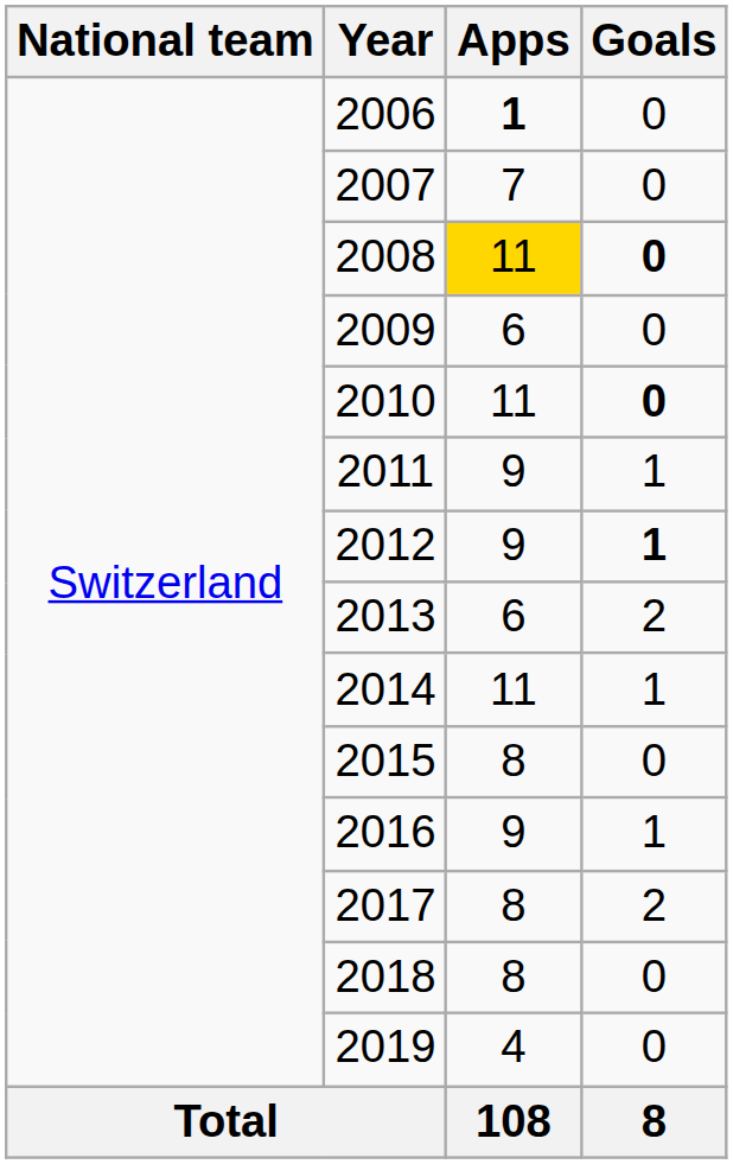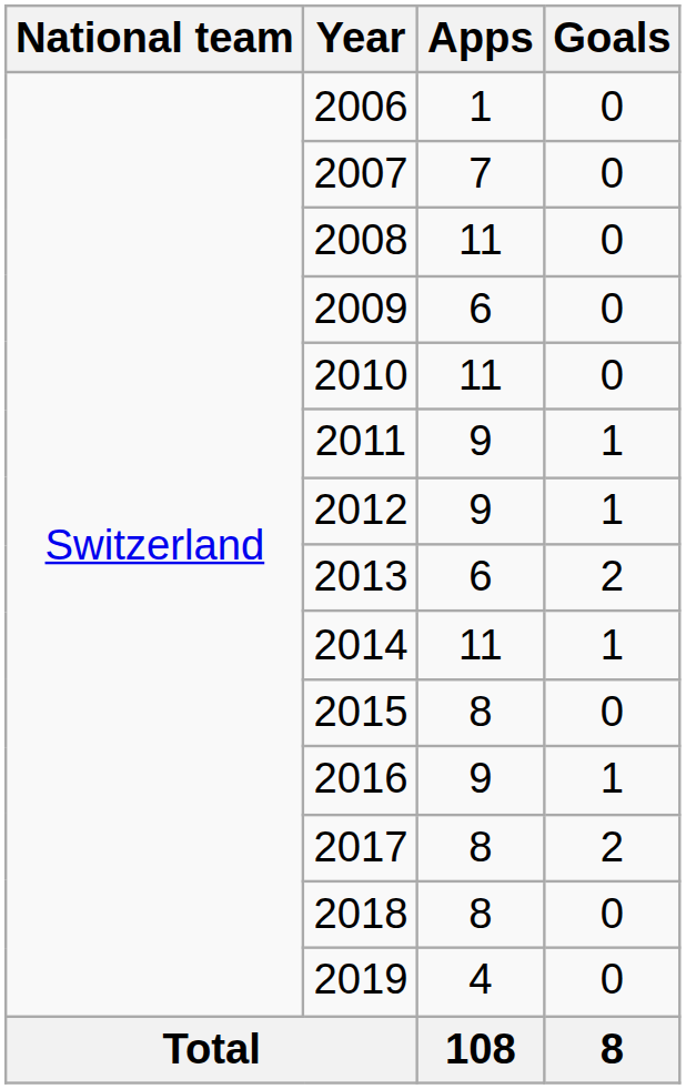 <table class=wikitable style="text-align: center;">
 <tr>
 <th>National team</th>
 <th>Year</th>
 <th>Apps</th>
 <th>Goals</th>
 </tr>
 <tr>
 <td rowspan="14"><a href='#'>Switzerland</a></td>
 <td>2006</td>
-<td><strong>1</strong></td>
+<td>1</td>
 <td>0</td>
 </tr>
 <tr>
 <td>2007</td>
 <td>7</td>
 <td>0</td>
 </tr>
 <tr>
 <td>2008</td>
-<td style="background: gold;">11</td>
-<td><strong>0</strong></td>
+<td>11</td>
+<td>0</td>
 </tr>
 <tr>
 <td>2009</td>
 <td>6</td>
 <td>0</td>
 </tr>
 <tr>
 <td>2010</td>
 <td>11</td>
-<td><strong>0</strong></td>
+<td>0</td>
 </tr>
 <tr>
 <td>2011</td>
 <td>9</td>
 <td>1</td>
 </tr>
 <tr>
 <td>2012</td>
 <td>9</td>
-<td><strong>1</strong></td>
+<td>1</td>
 </tr>
 <tr>
 <td>2013</td>
 <td>6</td>
 <td>2</td>
 </tr>
 <tr>
 <td>2014</td>
 <td>11</td>
 <td>1</td>
 </tr>
 <tr>
 <td>2015</td>
 <td>8</td>
 <td>0</td>
 </tr>
 <tr>
 <td>2016</td>
 <td>9</td>
 <td>1</td>
 </tr>
 <tr>
 <td>2017</td>
 <td>8</td>
 <td>2</td>
 </tr>
 <tr>
 <td>2018</td>
 <td>8</td>
 <td>0</td>
 </tr>
 <tr>
 <td>2019</td>
 <td>4</td>
 <td>0</td>
 </tr>
 <tr>
 <th colspan="2">Total</th>
 <th>108</th>
 <th>8</th>
 </tr>
 </table>
